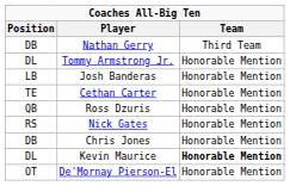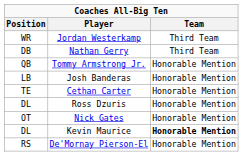 <table class="wikitable sortable" style="text-align:center">
 <tr>
 <td colspan="3"><strong>Coaches All-Big Ten</strong></td>
 </tr>
 <tr>
 <th>Position</th>
 <th>Player</th>
 <th>Team</th>
 </tr>
 <tr style="text-align:center;">
+<td style="background:white">WR</td>
+<td style="background:white"><a href='#'>Jordan Westerkamp</a></td>
+<td style="background:white">Third Team</td>
+</tr>
+<tr style="text-align:center;">
 <td style="background:white">DB</td>
 <td style="background:white"><a href='#'>Nathan Gerry</a></td>
 <td style="background:white">Third Team</td>
 </tr>
 <tr style="text-align:center;">
-<td style="background:white">DL</td>
+<td style="background:white">QB</td>
 <td style="background:white"><a href='#'>Tommy Armstrong Jr.</a></td>
 <td style="background:white">Honorable Mention</td>
 </tr>
 <tr style="text-align:center;">
 <td style="background:white">LB</td>
 <td style="background:white">Josh Banderas</td>
 <td style="background:white">Honorable Mention</td>
 </tr>
 <tr style="text-align:center;">
 <td style="background:white">TE</td>
 <td style="background:white"><a href='#'>Cethan Carter</a></td>
 <td style="background:white">Honorable Mention</td>
 </tr>
 <tr style="text-align:center;">
-<td style="background:white">QB</td>
+<td style="background:white">DL</td>
 <td style="background:white">Ross Dzuris</td>
 <td style="background:white">Honorable Mention</td>
 </tr>
 <tr style="text-align:center;">
-<td style="background:white">RS</td>
+<td style="background:white">OT</td>
 <td style="background:white"><a href='#'>Nick Gates</a></td>
-<td style="background:white">Honorable Mention</td>
-</tr>
-<tr style="text-align:center;">
-<td style="background:white">DB</td>
-<td style="background:white">Chris Jones</td>
 <td style="background:white">Honorable Mention</td>
 </tr>
 <tr style="text-align:center;">
 <td style="background:white">DL</td>
 <td style="background:white">Kevin Maurice</td>
 <td style="background:white"><strong>Honorable Mention</strong></td>
 </tr>
 <tr style="text-align:center;">
-<td style="background:white">OT</td>
+<td style="background:white">RS</td>
 <td style="background:white"><a href='#'>De'Mornay Pierson-El</a></td>
 <td style="background:white">Honorable Mention</td>
 </tr>
 </table>
